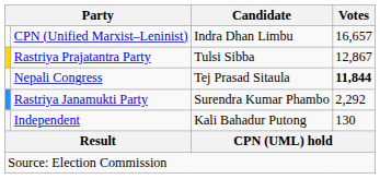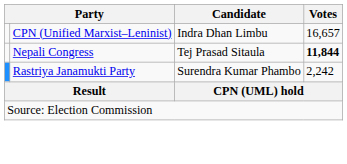 <table class="wikitable">
 <tr>
 <th colspan="2">Party</th>
 <th>Candidate</th>
 <th>Votes</th>
 </tr>
 <tr>
 <td style="background-color:"></td>
 <td><a href='#'>CPN (Unified Marxist–Leninist)</a></td>
 <td>Indra Dhan Limbu</td>
 <td>16,657</td>
 </tr>
 <tr>
-<td style="background-color:gold"></td>
-<td><a href='#'>Rastriya Prajatantra Party</a></td>
-<td>Tulsi Sibba</td>
-<td>12,867</td>
-</tr>
-<tr>
 <td style="background-color:"></td>
 <td><a href='#'>Nepali Congress</a></td>
 <td>Tej Prasad Sitaula</td>
 <td><strong>11,844</strong></td>
 </tr>
 <tr>
 <td style="background-color:dodgerblue"></td>
 <td><a href='#'>Rastriya Janamukti Party</a></td>
 <td>Surendra Kumar Phambo</td>
-<td>2,292</td>
-</tr>
-<tr>
-<td style="background-color:"></td>
-<td><a href='#'>Independent</a></td>
-<td>Kali Bahadur Putong</td>
-<td>130</td>
+<td>2,242</td>
 </tr>
 <tr>
 <th colspan="2">Result</th>
 <th colspan="2">CPN (UML) hold</th>
 </tr>
 <tr>
 <td colspan="4">Source: Election Commission</td>
 </tr>
 </table>
